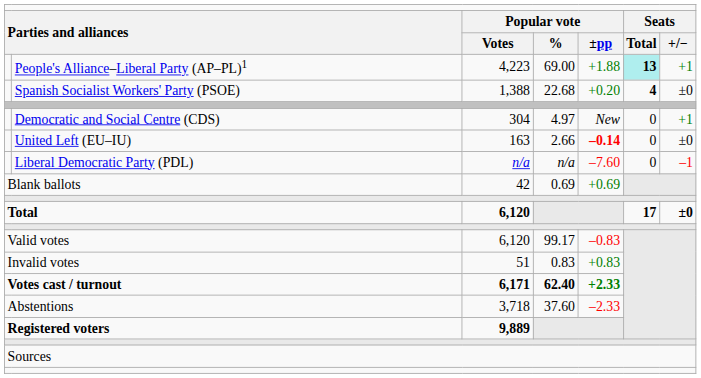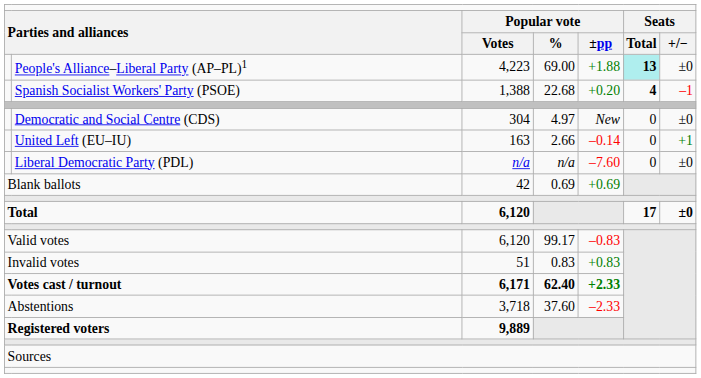 <table class="wikitable" style="text-align:right;">
 <tr>
 <td colspan="7"></td>
 </tr>
 <tr>
 <th style="text-align:left;" rowspan="2" colspan="2" width="525">Parties and alliances</th>
 <th colspan="3">Popular vote</th>
 <th colspan="2">Seats</th>
 </tr>
 <tr>
 <th width="75">Votes</th>
 <th width="45">%</th>
 <th width="45">±<a href='#'>pp</a></th>
 <th width="35">Total</th>
 <th width="35">+/−</th>
 </tr>
 <tr>
 <td width="1" style="color:inherit;background:"></td>
 <td align="left"><a href='#'>People's Alliance</a>–<a href='#'>Liberal Party</a> (AP–PL)<sup>1</sup></td>
 <td>4,223</td>
 <td>69.00</td>
 <td style="color:green;">+1.88</td>
 <td style="background: paleturquoise;"><strong>13</strong></td>
-<td style="color:green;">+1</td>
+<td>±0</td>
 </tr>
 <tr>
 <td style="color:inherit;background:"></td>
 <td align="left"><a href='#'>Spanish Socialist Workers' Party</a> (PSOE)</td>
 <td>1,388</td>
 <td>22.68</td>
 <td style="color:green;">+0.20</td>
 <td><strong>4</strong></td>
-<td>±0</td>
+<td style="color:red;">–1</td>
 </tr>
 <tr>
 <td colspan="7" bgcolor="#C0C0C0"></td>
 </tr>
 <tr>
 <td style="color:inherit;background:"></td>
 <td align="left"><a href='#'>Democratic and Social Centre</a> (CDS)</td>
 <td>304</td>
 <td>4.97</td>
 <td><em>New</em></td>
 <td>0</td>
-<td style="color:green;">+1</td>
+<td>±0</td>
 </tr>
 <tr>
 <td style="color:inherit;background:"></td>
 <td align="left"><a href='#'>United Left</a> (EU–IU)</td>
 <td>163</td>
 <td>2.66</td>
-<td style="color:red;"><strong>–0.14</strong></td>
+<td style="color:red;">–0.14</td>
 <td>0</td>
-<td>±0</td>
+<td style="color:green;">+1</td>
 </tr>
 <tr>
 <td style="color:inherit;background:"></td>
 <td align="left"><a href='#'>Liberal Democratic Party</a> (PDL)</td>
 <td><em><a href='#'>n/a</a></em></td>
 <td><em>n/a</em></td>
 <td style="color:red;">–7.60</td>
 <td>0</td>
-<td style="color:red;">–1</td>
+<td>±0</td>
 </tr>
 <tr>
 <td align="left" colspan="2">Blank ballots</td>
 <td>42</td>
 <td>0.69</td>
 <td style="color:green;">+0.69</td>
 <td bgcolor="#E9E9E9" colspan="2"></td>
 </tr>
 <tr>
 <td colspan="7" bgcolor="#E9E9E9"></td>
 </tr>
 <tr style="font-weight:bold;">
 <td align="left" colspan="2">Total</td>
 <td>6,120</td>
 <td bgcolor="#E9E9E9" colspan="2"></td>
 <td>17</td>
 <td>±0</td>
 </tr>
 <tr>
 <td colspan="7" bgcolor="#E9E9E9"></td>
 </tr>
 <tr>
 <td align="left" colspan="2">Valid votes</td>
 <td>6,120</td>
 <td>99.17</td>
 <td style="color:red;">–0.83</td>
 <td bgcolor="#E9E9E9" colspan="2" rowspan="5"></td>
 </tr>
 <tr>
 <td align="left" colspan="2">Invalid votes</td>
 <td>51</td>
 <td>0.83</td>
 <td style="color:green;">+0.83</td>
 </tr>
 <tr style="font-weight:bold;">
 <td align="left" colspan="2">Votes cast / turnout</td>
 <td>6,171</td>
 <td>62.40</td>
 <td style="color:green;">+2.33</td>
 </tr>
 <tr>
 <td align="left" colspan="2">Abstentions</td>
 <td>3,718</td>
 <td>37.60</td>
 <td style="color:red;">–2.33</td>
 </tr>
 <tr style="font-weight:bold;">
 <td align="left" colspan="2">Registered voters</td>
 <td>9,889</td>
 <td bgcolor="#E9E9E9" colspan="2"></td>
 </tr>
 <tr>
 <td colspan="7" bgcolor="#E9E9E9"></td>
 </tr>
 <tr>
 <td align="left" colspan="7">Sources</td>
 </tr>
 <tr>
 <td colspan="7" style="text-align:left; max-width:790px;"></td>
 </tr>
 </table>
